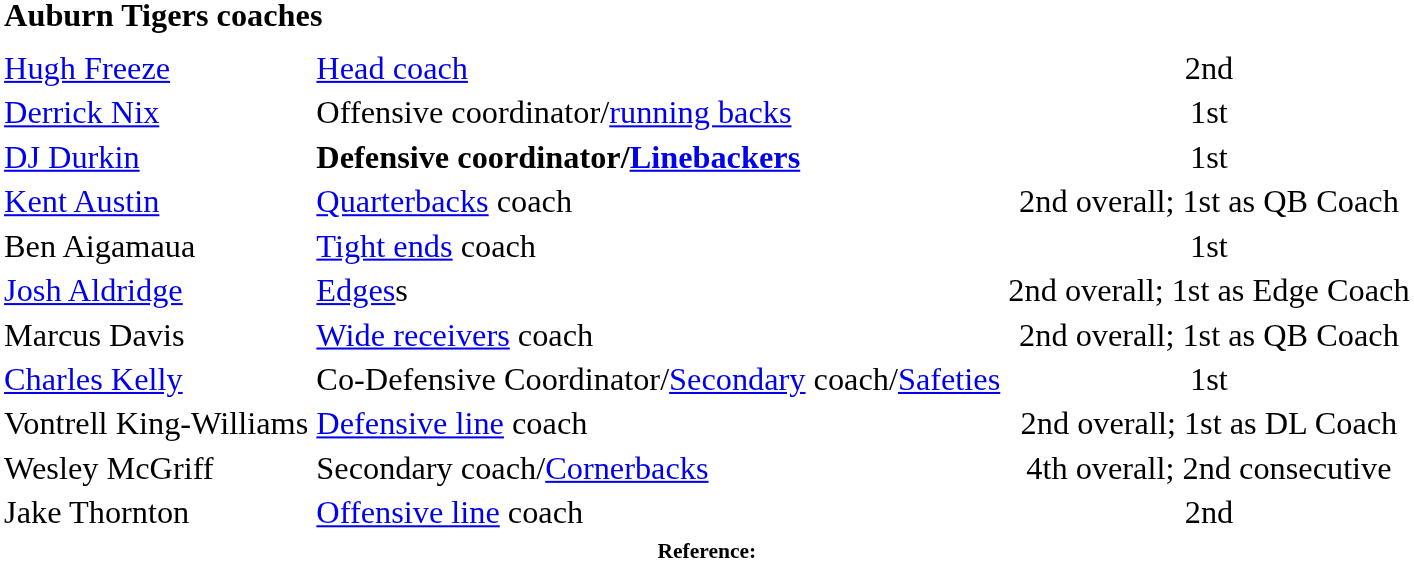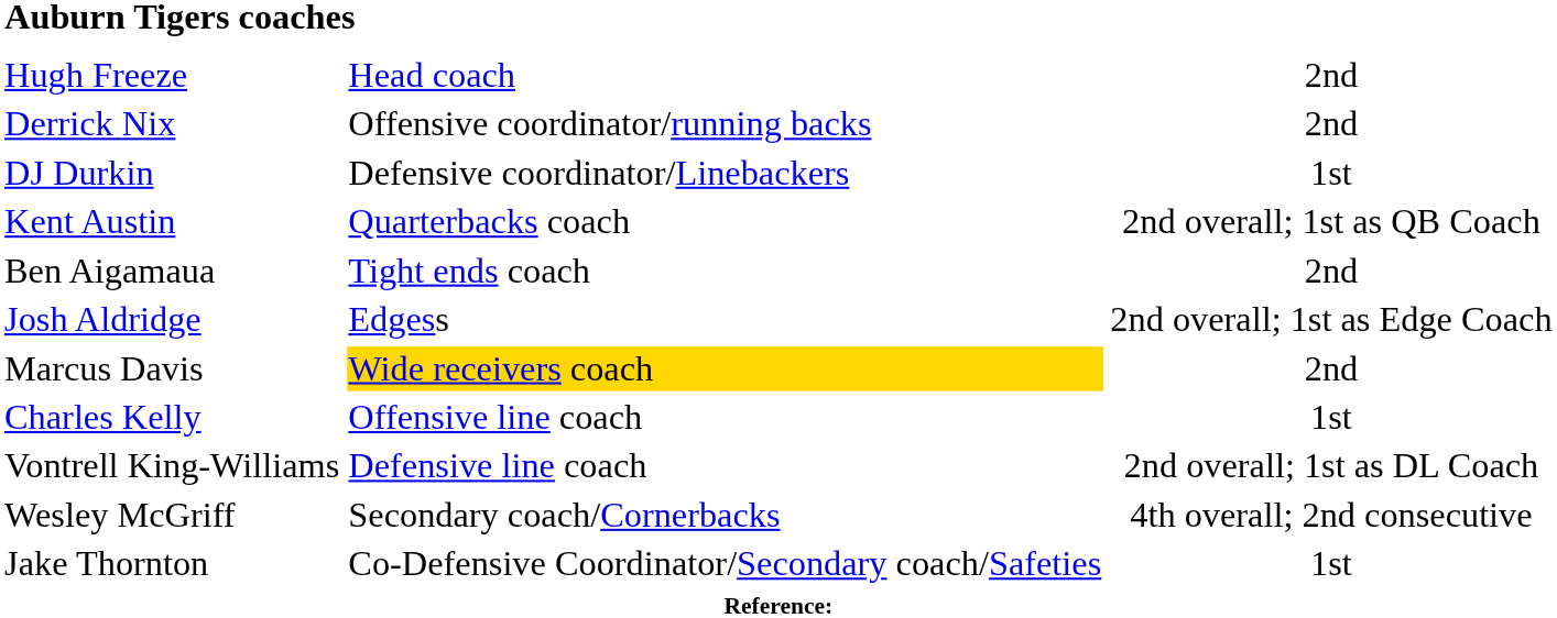 <table class="toccolours" style="text-align: left;">
 <tr>
 <td colspan="9"><strong>Auburn Tigers coaches</strong></td>
 </tr>
 <tr>
 <td style="font-size: 95%;" valign="top"></td>
 </tr>
 <tr>
 <td><a href='#'>Hugh Freeze</a></td>
 <td><a href='#'>Head coach</a></td>
 <td align=center>2nd</td>
 </tr>
 <tr>
 <td><a href='#'>Derrick Nix</a></td>
 <td>Offensive coordinator/<a href='#'>running backs</a></td>
-<td align="center">1st</td>
+<td align=center>2nd</td>
 </tr>
 <tr>
 <td><a href='#'>DJ Durkin</a></td>
-<td><strong>Defensive coordinator/<a href='#'>Linebackers</a></strong></td>
+<td>Defensive coordinator/<a href='#'>Linebackers</a></td>
 <td align="center">1st</td>
 </tr>
 <tr>
 <td><a href='#'>Kent Austin</a></td>
 <td><a href='#'>Quarterbacks</a> coach</td>
 <td align="center">2nd overall; 1st as QB Coach</td>
 </tr>
 <tr>
 <td>Ben Aigamaua</td>
 <td><a href='#'>Tight ends</a> coach</td>
-<td align="center">1st</td>
+<td align="center">2nd</td>
 </tr>
 <tr>
 <td><a href='#'>Josh Aldridge</a></td>
 <td><a href='#'>Edges</a>s</td>
 <td align="center">2nd overall; 1st as Edge Coach</td>
 </tr>
 <tr>
 <td>Marcus Davis</td>
-<td><a href='#'>Wide receivers</a> coach</td>
-<td align="center">2nd overall; 1st as QB Coach</td>
+<td style="background: gold;"><a href='#'>Wide receivers</a> coach</td>
+<td align="center">2nd</td>
 </tr>
 <tr>
 <td><a href='#'> Charles Kelly</a></td>
-<td>Co-Defensive Coordinator/<a href='#'>Secondary</a> coach/<a href='#'>Safeties</a></td>
+<td><a href='#'>Offensive line</a> coach</td>
 <td align="center">1st</td>
 </tr>
 <tr>
 <td>Vontrell King-Williams</td>
 <td><a href='#'>Defensive line</a> coach</td>
 <td align="center">2nd overall; 1st as DL Coach</td>
 </tr>
 <tr>
 <td>Wesley McGriff</td>
 <td>Secondary coach/<a href='#'>Cornerbacks</a></td>
 <td align="center">4th overall; 2nd consecutive</td>
 </tr>
 <tr>
 <td>Jake Thornton</td>
-<td><a href='#'>Offensive line</a> coach</td>
-<td align="center">2nd</td>
+<td>Co-Defensive Coordinator/<a href='#'>Secondary</a> coach/<a href='#'>Safeties</a></td>
+<td align="center">1st</td>
 </tr>
 <tr>
 <td colspan="4" style="font-size:8pt; text-align:center;"><strong>Reference:</strong></td>
 </tr>
 </table>
